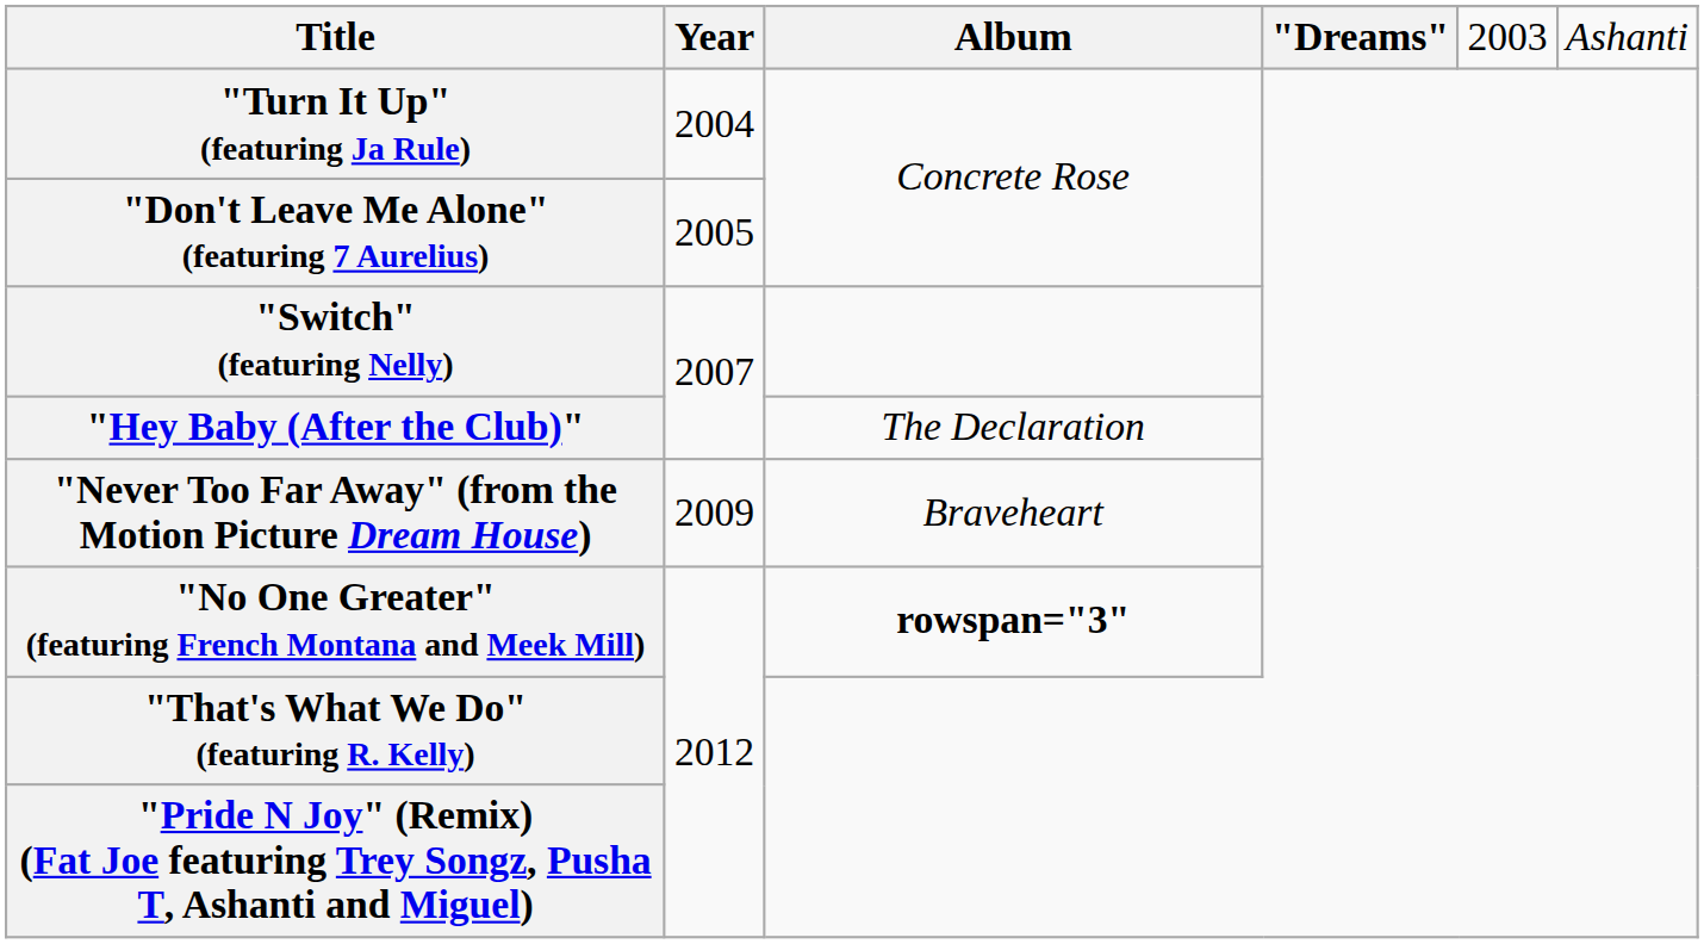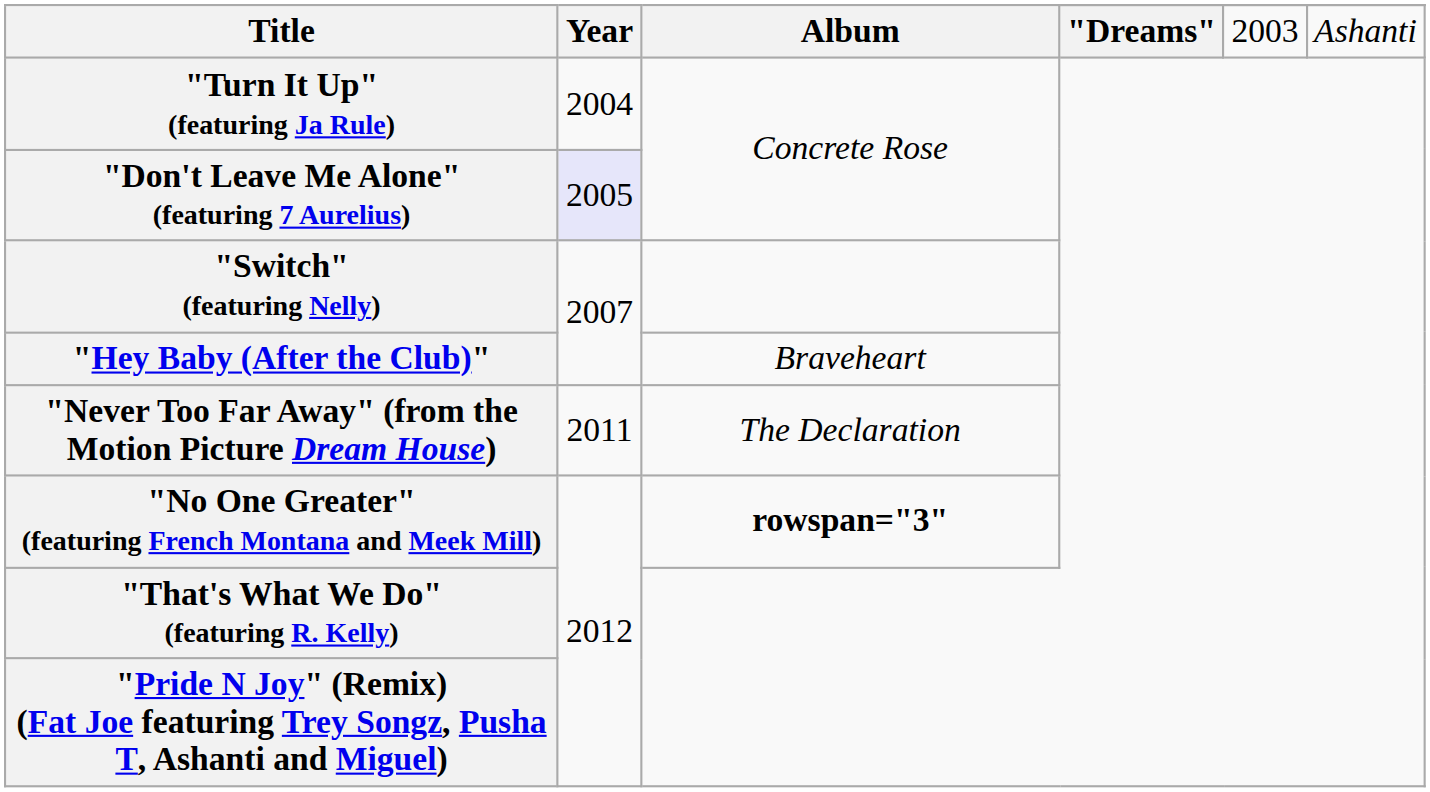 <table class="wikitable plainrowheaders" style="text-align:center;">
 <tr>
 <th scope="col" rowspan="2" style="width:16em;">Title</th>
 <th scope="col" rowspan="2" style="width:1em;">Year</th>
 <th scope="col" rowspan="2" style="width:12em;">Album</th>
 </tr>
 <tr>
 <th scope="row">"Dreams"</th>
 <td>2003</td>
 <td><em>Ashanti</em></td>
 </tr>
 <tr>
 <th scope="row">"Turn It Up" <br><small>(featuring <a href='#'>Ja Rule</a>)</small></th>
 <td>2004</td>
 <td rowspan="2"><em>Concrete Rose</em></td>
 </tr>
 <tr>
 <th scope="row">"Don't Leave Me Alone" <br><small>(featuring <a href='#'>7 Aurelius</a>)</small></th>
-<td>2005</td>
+<td style="background: lavender;">2005</td>
 </tr>
 <tr>
 <th scope="row">"Switch" <br><small>(featuring <a href='#'>Nelly</a>)</small></th>
 <td rowspan="2">2007</td>
 <td></td>
 </tr>
 <tr>
 <th scope="row">"<a href='#'>Hey Baby (After the Club)</a>"</th>
-<td><em>The Declaration</em></td>
+<td><em>Braveheart</em></td>
 </tr>
 <tr>
 <th scope="row">"Never Too Far Away" (from the Motion Picture <em><a href='#'>Dream House</a></em>)</th>
-<td>2009</td>
-<td><em>Braveheart</em></td>
+<td>2011</td>
+<td><em>The Declaration</em></td>
 </tr>
 <tr>
 <th scope="row">"No One Greater" <br><small>(featuring <a href='#'>French Montana</a> and <a href='#'>Meek Mill</a>)</small></th>
 <td rowspan="3">2012</td>
 <td><strong>rowspan="3" </strong></td>
 </tr>
 <tr>
 <th scope="row">"That's What We Do"<br><small>(featuring <a href='#'>R. Kelly</a>)</small></th>
 </tr>
 <tr>
 <th scope="row">"<a href='#'>Pride N Joy</a>" (Remix) <br><span>(<a href='#'>Fat Joe</a> featuring <a href='#'>Trey Songz</a>, <a href='#'>Pusha T</a>, Ashanti and <a href='#'>Miguel</a>)</span></th>
 </tr>
 </table>
